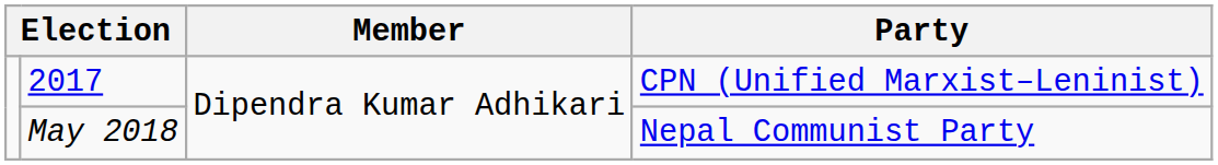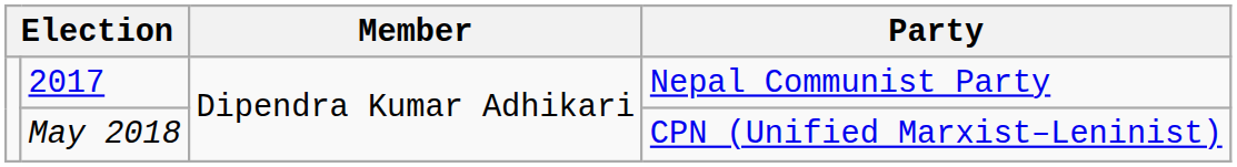 <table class="wikitable">
 <tr>
 <th colspan="2">Election</th>
 <th>Member</th>
 <th>Party</th>
 </tr>
 <tr>
 <td rowspan="2" style="background-color:"></td>
 <td><a href='#'>2017</a></td>
 <td rowspan="2">Dipendra Kumar Adhikari</td>
-<td><a href='#'>CPN (Unified Marxist–Leninist)</a></td>
+<td><a href='#'>Nepal Communist Party</a></td>
 </tr>
 <tr>
 <td><em>May 2018</em></td>
-<td><a href='#'>Nepal Communist Party</a></td>
+<td><a href='#'>CPN (Unified Marxist–Leninist)</a></td>
 </tr>
 </table>
